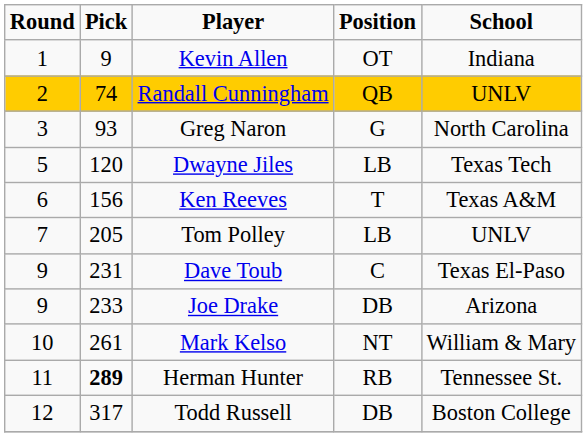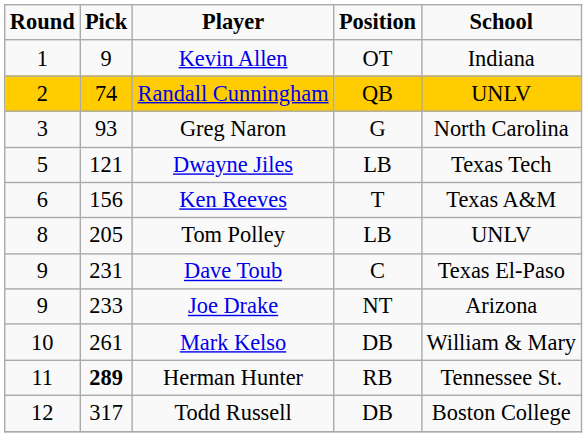 <table class="wikitable">
 <tr align="center">
 <td><strong>Round</strong></td>
 <td><strong>Pick</strong></td>
 <td><strong>Player</strong></td>
 <td><strong>Position</strong></td>
 <td><strong>School</strong></td>
 </tr>
 <tr align="center" bgcolor="">
 <td>1</td>
 <td>9</td>
 <td><a href='#'>Kevin Allen</a></td>
 <td>OT</td>
 <td>Indiana</td>
 </tr>
 <tr align="center" bgcolor="FFCC00">
 <td>2</td>
 <td>74</td>
 <td><a href='#'>Randall Cunningham</a></td>
 <td>QB</td>
 <td>UNLV</td>
 </tr>
 <tr align="center" bgcolor="">
 <td>3</td>
 <td>93</td>
 <td>Greg Naron</td>
 <td>G</td>
 <td>North Carolina</td>
 </tr>
 <tr align="center" bgcolor="">
 <td>5</td>
-<td>120</td>
+<td>121</td>
 <td><a href='#'>Dwayne Jiles</a></td>
 <td>LB</td>
 <td>Texas Tech</td>
 </tr>
 <tr align="center" bgcolor="">
 <td>6</td>
 <td>156</td>
 <td><a href='#'>Ken Reeves</a></td>
 <td>T</td>
 <td>Texas A&M</td>
 </tr>
 <tr align="center" bgcolor="">
-<td>7</td>
+<td>8</td>
 <td>205</td>
 <td>Tom Polley</td>
 <td>LB</td>
 <td>UNLV</td>
 </tr>
 <tr align="center" bgcolor="">
 <td>9</td>
 <td>231</td>
 <td><a href='#'>Dave Toub</a></td>
 <td>C</td>
 <td>Texas El-Paso</td>
 </tr>
 <tr align="center" bgcolor="">
 <td>9</td>
 <td>233</td>
 <td><a href='#'>Joe Drake</a></td>
-<td>DB</td>
+<td>NT</td>
 <td>Arizona</td>
 </tr>
 <tr align="center" bgcolor="">
 <td>10</td>
 <td>261</td>
 <td><a href='#'>Mark Kelso</a></td>
-<td>NT</td>
+<td>DB</td>
 <td>William & Mary</td>
 </tr>
 <tr align="center" bgcolor="">
 <td>11</td>
 <td><strong>289</strong></td>
 <td>Herman Hunter</td>
 <td>RB</td>
 <td>Tennessee St.</td>
 </tr>
 <tr align="center" bgcolor="">
 <td>12</td>
 <td>317</td>
 <td>Todd Russell</td>
 <td>DB</td>
 <td>Boston College</td>
 </tr>
 <tr align="center" bgcolor="">
 </tr>
 </table>
